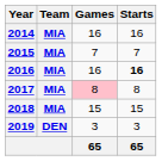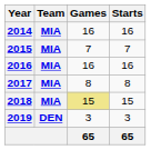 <table class="wikitable" style="text-align: center;">
 <tr>
 <th>Year</th>
 <th>Team</th>
 <th>Games</th>
 <th>Starts</th>
 </tr>
 <tr>
 <th><a href='#'>2014</a></th>
 <th><a href='#'>MIA</a></th>
 <td>16</td>
 <td>16</td>
 </tr>
 <tr>
 <th><a href='#'>2015</a></th>
 <th><a href='#'>MIA</a></th>
 <td>7</td>
 <td>7</td>
 </tr>
 <tr>
 <th><a href='#'>2016</a></th>
 <th><a href='#'>MIA</a></th>
 <td>16</td>
-<td><strong>16</strong></td>
+<td>16</td>
 </tr>
 <tr>
 <th><a href='#'>2017</a></th>
 <th><a href='#'>MIA</a></th>
-<td style="background: pink;">8</td>
+<td>8</td>
 <td>8</td>
 </tr>
 <tr>
 <th><a href='#'>2018</a></th>
 <th><a href='#'>MIA</a></th>
-<td>15</td>
+<td style="background: khaki;">15</td>
 <td>15</td>
 </tr>
 <tr>
 <th><a href='#'>2019</a></th>
 <th><a href='#'>DEN</a></th>
 <td>3</td>
 <td>3</td>
 </tr>
 <tr>
 <th colspan="2"></th>
 <th>65</th>
 <th>65</th>
 </tr>
 </table>
